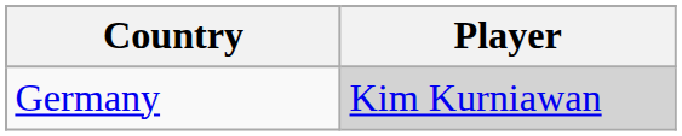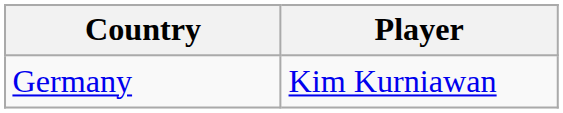 <table class="wikitable">
 <tr>
 <th style="width:130px;">Country</th>
 <th style="width:130px;">Player</th>
 </tr>
 <tr>
 <td> <a href='#'>Germany</a></td>
-<td style="background: lightgrey;"><a href='#'>Kim Kurniawan</a></td>
+<td><a href='#'>Kim Kurniawan</a></td>
 </tr>
 </table>
